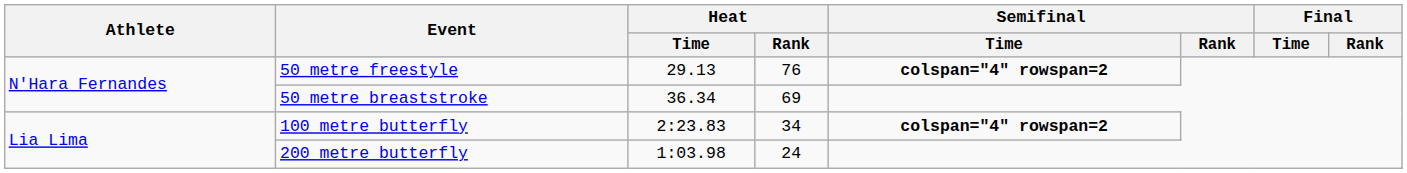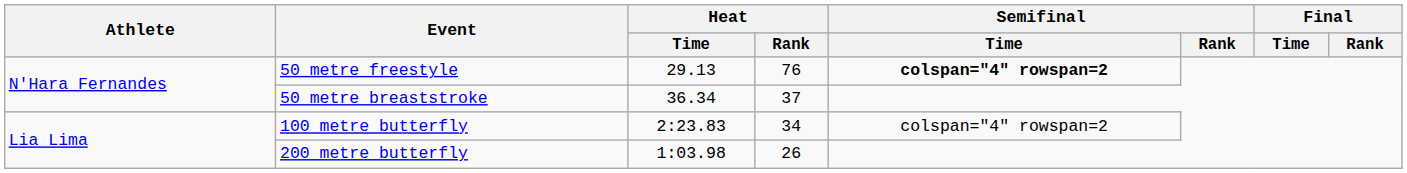 <table class="wikitable" style="text-align:center; font-size:90%; width:50%;">
 <tr>
 <th rowspan="2">Athlete</th>
 <th rowspan="2">Event</th>
 <th colspan="2">Heat</th>
 <th colspan="2">Semifinal</th>
 <th colspan="2">Final</th>
 </tr>
 <tr style="font-size:95%">
 <th>Time</th>
 <th>Rank</th>
 <th>Time</th>
 <th>Rank</th>
 <th>Time</th>
 <th>Rank</th>
 </tr>
 <tr>
 <td align=left rowspan=2><a href='#'>N'Hara Fernandes</a></td>
 <td align=left><a href='#'>50 metre freestyle</a></td>
 <td>29.13</td>
 <td>76</td>
 <td><strong>colspan="4" rowspan=2 </strong></td>
 </tr>
 <tr>
 <td align=left><a href='#'>50 metre breaststroke</a></td>
 <td>36.34</td>
-<td>69</td>
+<td>37</td>
 </tr>
 <tr>
 <td align=left rowspan=2><a href='#'>Lia Lima</a></td>
 <td align=left><a href='#'>100 metre butterfly</a></td>
 <td>2:23.83</td>
 <td>34</td>
-<td><strong>colspan="4" rowspan=2 </strong></td>
+<td>colspan="4" rowspan=2 </td>
 </tr>
 <tr>
 <td align=left><a href='#'>200 metre butterfly</a></td>
 <td>1:03.98</td>
-<td>24</td>
+<td>26</td>
 </tr>
 </table>
